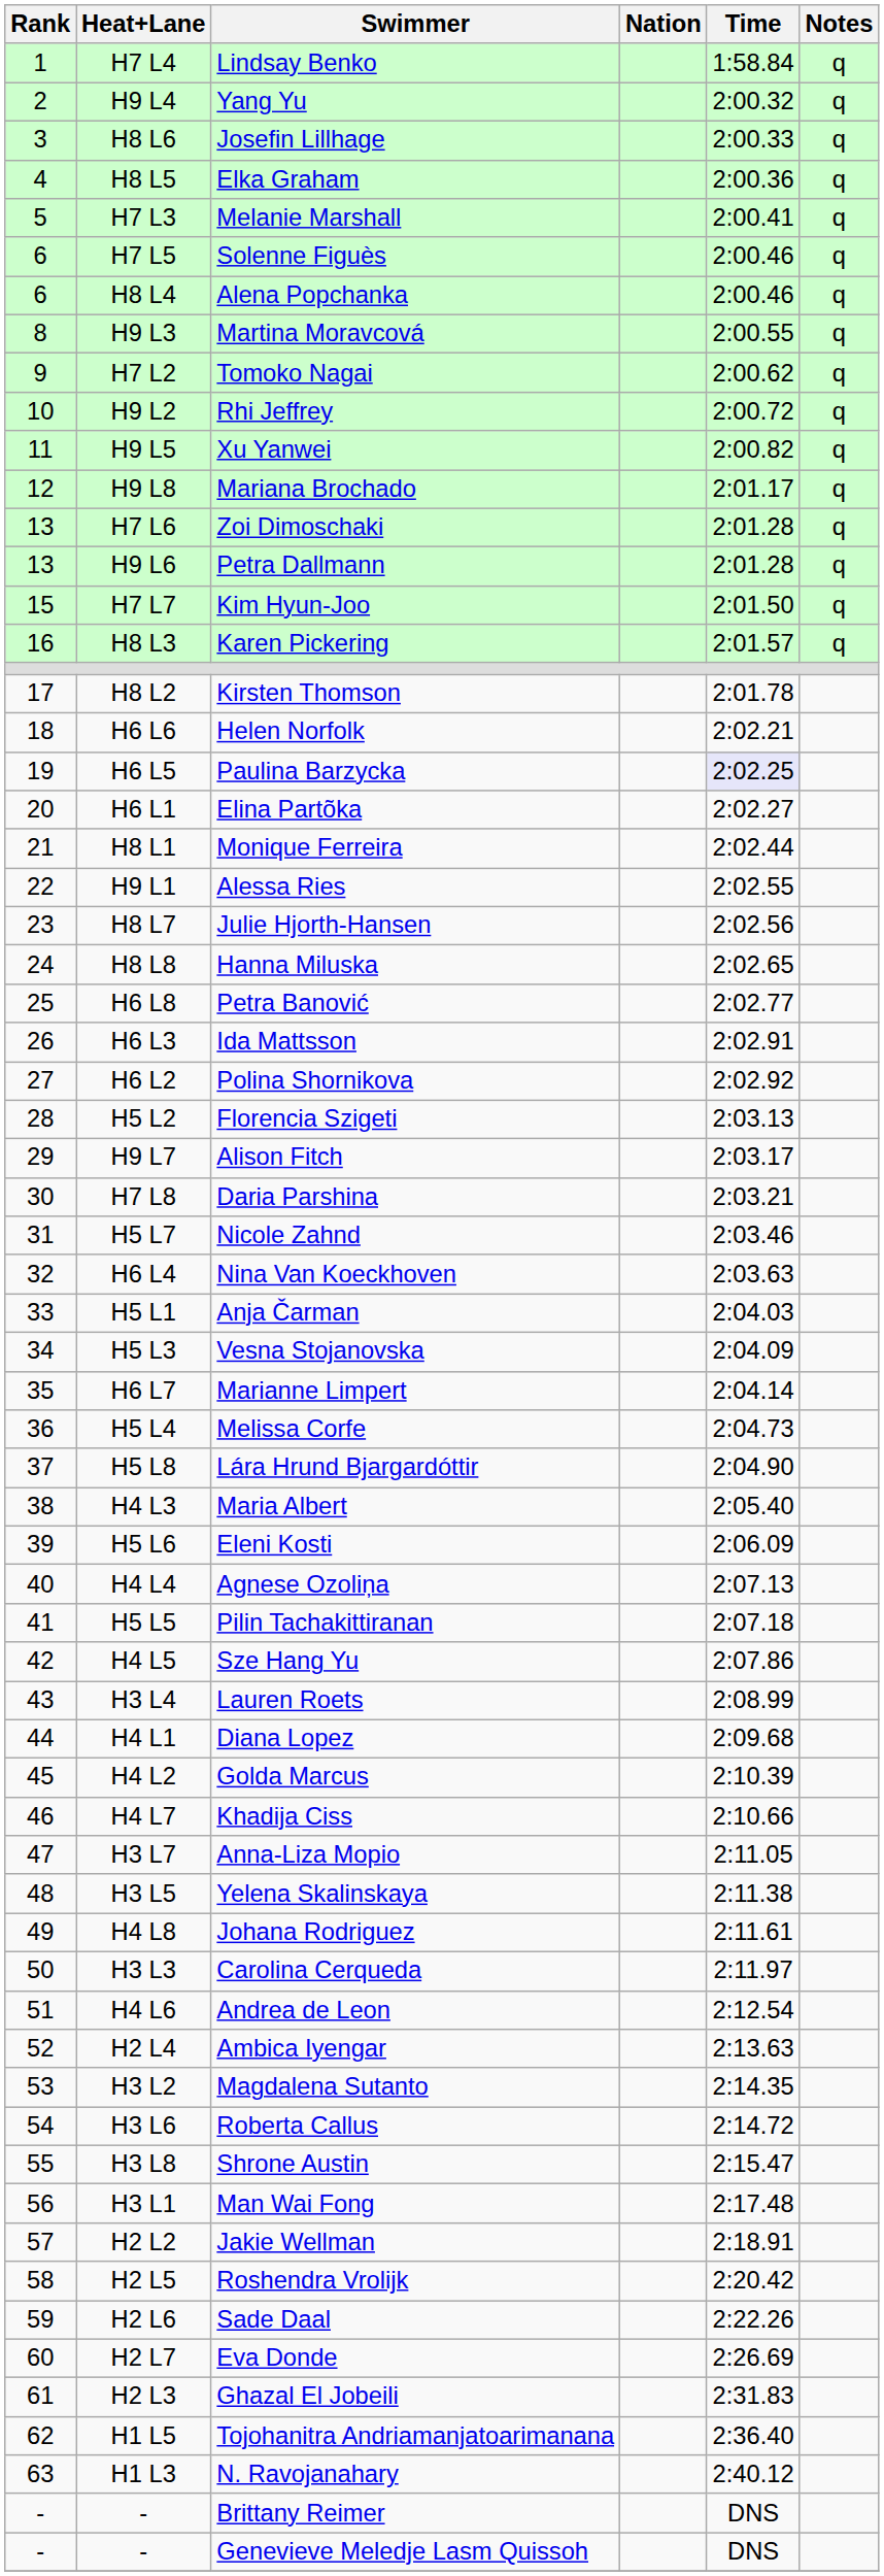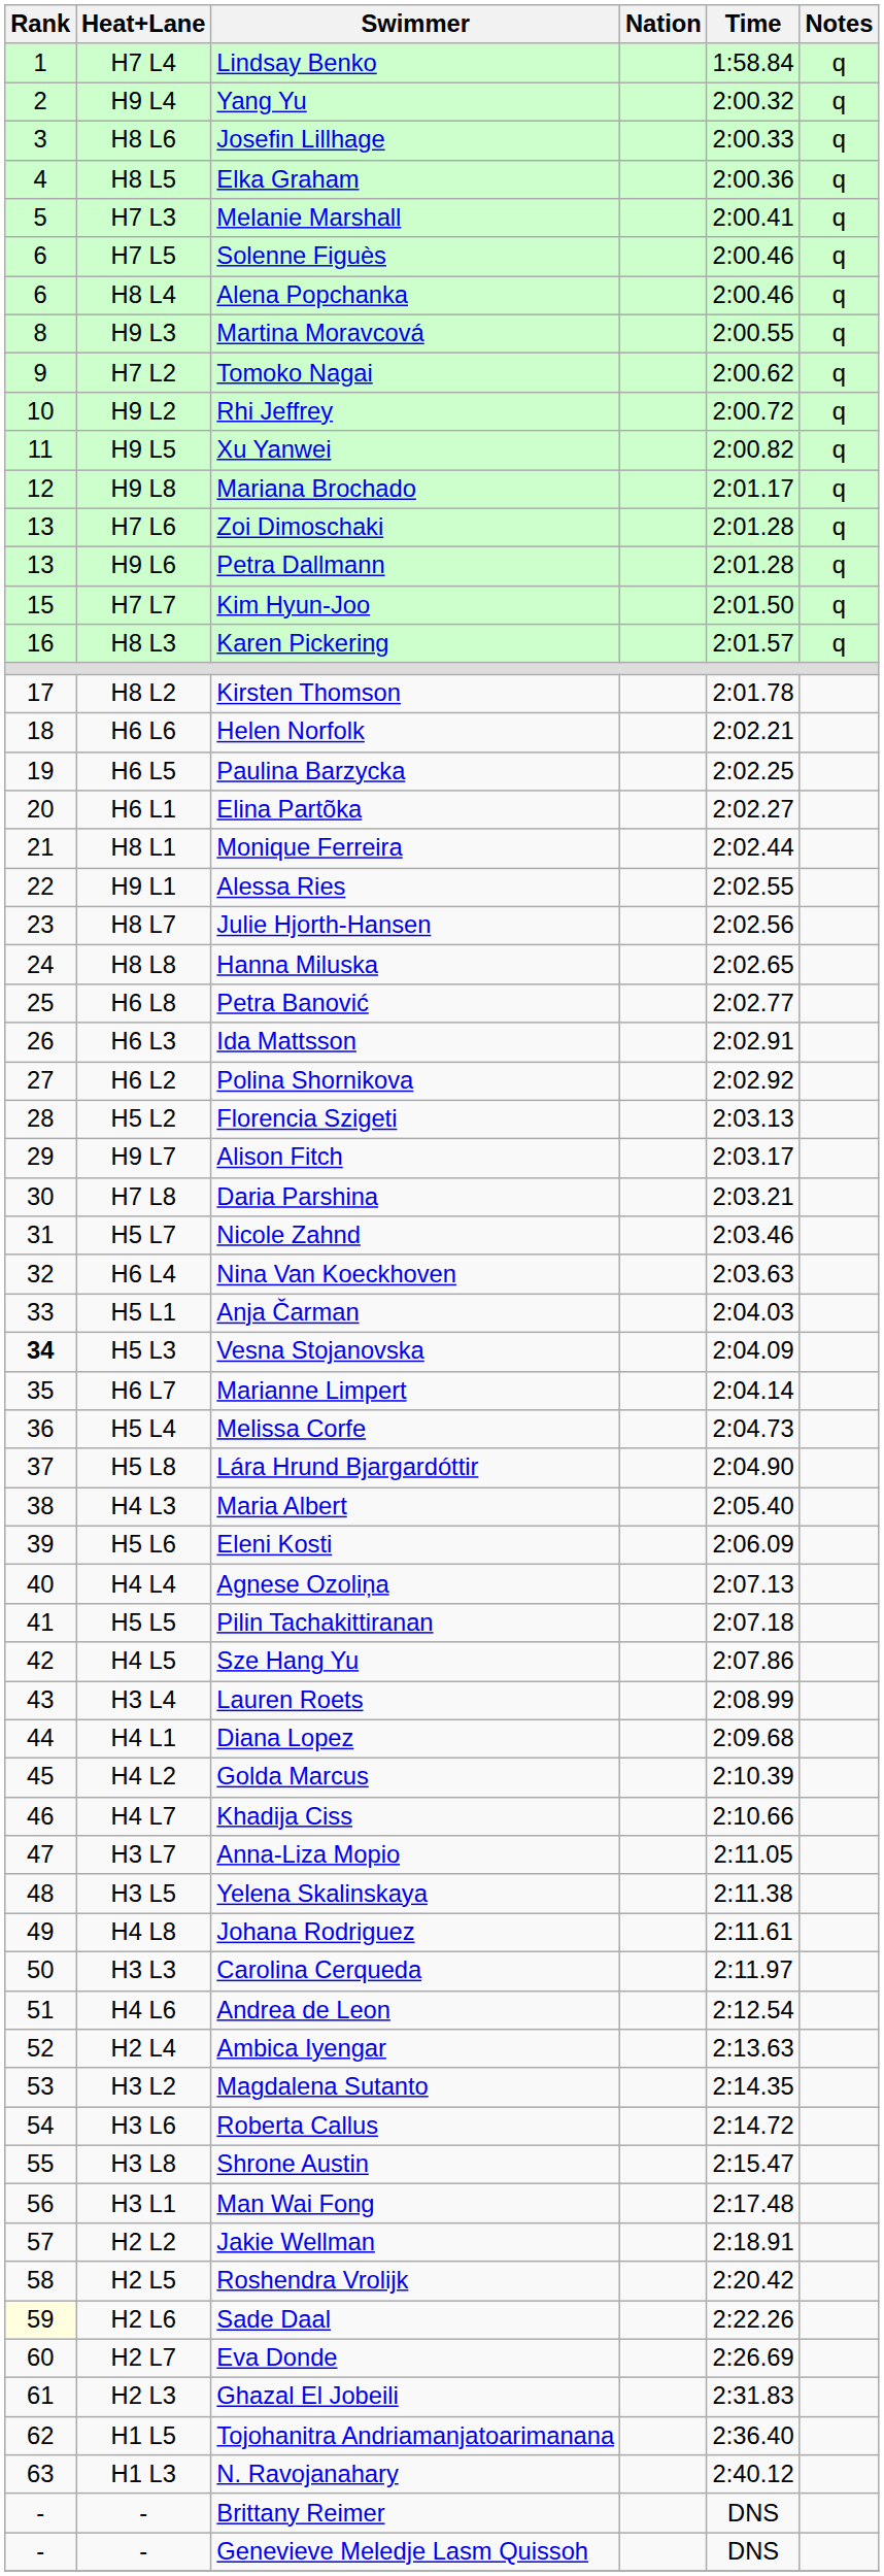 <table class="wikitable sortable" style="text-align:center">
 <tr>
 <th>Rank</th>
 <th>Heat+Lane</th>
 <th>Swimmer</th>
 <th>Nation</th>
 <th>Time</th>
 <th>Notes</th>
 </tr>
 <tr bgcolor=ccffcc>
 <td>1</td>
 <td>H7 L4</td>
 <td align=left><a href='#'>Lindsay Benko</a></td>
 <td align=left></td>
 <td>1:58.84</td>
 <td>q</td>
 </tr>
 <tr bgcolor=ccffcc>
 <td>2</td>
 <td>H9 L4</td>
 <td align=left><a href='#'>Yang Yu</a></td>
 <td align=left></td>
 <td>2:00.32</td>
 <td>q</td>
 </tr>
 <tr bgcolor=ccffcc>
 <td>3</td>
 <td>H8 L6</td>
 <td align=left><a href='#'>Josefin Lillhage</a></td>
 <td align=left></td>
 <td>2:00.33</td>
 <td>q</td>
 </tr>
 <tr bgcolor=ccffcc>
 <td>4</td>
 <td>H8 L5</td>
 <td align=left><a href='#'>Elka Graham</a></td>
 <td align=left></td>
 <td>2:00.36</td>
 <td>q</td>
 </tr>
 <tr bgcolor=ccffcc>
 <td>5</td>
 <td>H7 L3</td>
 <td align=left><a href='#'>Melanie Marshall</a></td>
 <td align=left></td>
 <td>2:00.41</td>
 <td>q</td>
 </tr>
 <tr bgcolor=ccffcc>
 <td>6</td>
 <td>H7 L5</td>
 <td align=left><a href='#'>Solenne Figuès</a></td>
 <td align=left></td>
 <td>2:00.46</td>
 <td>q</td>
 </tr>
 <tr bgcolor=ccffcc>
 <td>6</td>
 <td>H8 L4</td>
 <td align=left><a href='#'>Alena Popchanka</a></td>
 <td align=left></td>
 <td>2:00.46</td>
 <td>q</td>
 </tr>
 <tr bgcolor=ccffcc>
 <td>8</td>
 <td>H9 L3</td>
 <td align=left><a href='#'>Martina Moravcová</a></td>
 <td align=left></td>
 <td>2:00.55</td>
 <td>q</td>
 </tr>
 <tr bgcolor=ccffcc>
 <td>9</td>
 <td>H7 L2</td>
 <td align=left><a href='#'>Tomoko Nagai</a></td>
 <td align=left></td>
 <td>2:00.62</td>
 <td>q</td>
 </tr>
 <tr bgcolor=ccffcc>
 <td>10</td>
 <td>H9 L2</td>
 <td align=left><a href='#'>Rhi Jeffrey</a></td>
 <td align=left></td>
 <td>2:00.72</td>
 <td>q</td>
 </tr>
 <tr bgcolor=ccffcc>
 <td>11</td>
 <td>H9 L5</td>
 <td align=left><a href='#'>Xu Yanwei</a></td>
 <td align=left></td>
 <td>2:00.82</td>
 <td>q</td>
 </tr>
 <tr bgcolor=ccffcc>
 <td>12</td>
 <td>H9 L8</td>
 <td align=left><a href='#'>Mariana Brochado</a></td>
 <td align=left></td>
 <td>2:01.17</td>
 <td>q</td>
 </tr>
 <tr bgcolor=ccffcc>
 <td>13</td>
 <td>H7 L6</td>
 <td align=left><a href='#'>Zoi Dimoschaki</a></td>
 <td align=left></td>
 <td>2:01.28</td>
 <td>q</td>
 </tr>
 <tr bgcolor=ccffcc>
 <td>13</td>
 <td>H9 L6</td>
 <td align=left><a href='#'>Petra Dallmann</a></td>
 <td align=left></td>
 <td>2:01.28</td>
 <td>q</td>
 </tr>
 <tr bgcolor=ccffcc>
 <td>15</td>
 <td>H7 L7</td>
 <td align=left><a href='#'>Kim Hyun-Joo</a></td>
 <td align=left></td>
 <td>2:01.50</td>
 <td>q</td>
 </tr>
 <tr bgcolor=ccffcc>
 <td>16</td>
 <td>H8 L3</td>
 <td align=left><a href='#'>Karen Pickering</a></td>
 <td align=left></td>
 <td>2:01.57</td>
 <td>q</td>
 </tr>
 <tr bgcolor=#DDDDDD>
 <td colspan=6></td>
 </tr>
 <tr>
 <td>17</td>
 <td>H8 L2</td>
 <td align=left><a href='#'>Kirsten Thomson</a></td>
 <td align=left></td>
 <td>2:01.78</td>
 <td></td>
 </tr>
 <tr>
 <td>18</td>
 <td>H6 L6</td>
 <td align=left><a href='#'>Helen Norfolk</a></td>
 <td align=left></td>
 <td>2:02.21</td>
 <td></td>
 </tr>
 <tr>
 <td>19</td>
 <td>H6 L5</td>
 <td align=left><a href='#'>Paulina Barzycka</a></td>
 <td align=left></td>
-<td style="background: lavender;">2:02.25</td>
+<td>2:02.25</td>
 <td></td>
 </tr>
 <tr>
 <td>20</td>
 <td>H6 L1</td>
 <td align=left><a href='#'>Elina Partõka</a></td>
 <td align=left></td>
 <td>2:02.27</td>
 <td></td>
 </tr>
 <tr>
 <td>21</td>
 <td>H8 L1</td>
 <td align=left><a href='#'>Monique Ferreira</a></td>
 <td align=left></td>
 <td>2:02.44</td>
 <td></td>
 </tr>
 <tr>
 <td>22</td>
 <td>H9 L1</td>
 <td align=left><a href='#'>Alessa Ries</a></td>
 <td align=left></td>
 <td>2:02.55</td>
 <td></td>
 </tr>
 <tr>
 <td>23</td>
 <td>H8 L7</td>
 <td align=left><a href='#'>Julie Hjorth-Hansen</a></td>
 <td align=left></td>
 <td>2:02.56</td>
 <td></td>
 </tr>
 <tr>
 <td>24</td>
 <td>H8 L8</td>
 <td align=left><a href='#'>Hanna Miluska</a></td>
 <td align=left></td>
 <td>2:02.65</td>
 <td></td>
 </tr>
 <tr>
 <td>25</td>
 <td>H6 L8</td>
 <td align=left><a href='#'>Petra Banović</a></td>
 <td align=left></td>
 <td>2:02.77</td>
 <td></td>
 </tr>
 <tr>
 <td>26</td>
 <td>H6 L3</td>
 <td align=left><a href='#'>Ida Mattsson</a></td>
 <td align=left></td>
 <td>2:02.91</td>
 <td></td>
 </tr>
 <tr>
 <td>27</td>
 <td>H6 L2</td>
 <td align=left><a href='#'>Polina Shornikova</a></td>
 <td align=left></td>
 <td>2:02.92</td>
 <td></td>
 </tr>
 <tr>
 <td>28</td>
 <td>H5 L2</td>
 <td align=left><a href='#'>Florencia Szigeti</a></td>
 <td align=left></td>
 <td>2:03.13</td>
 <td></td>
 </tr>
 <tr>
 <td>29</td>
 <td>H9 L7</td>
 <td align=left><a href='#'>Alison Fitch</a></td>
 <td align=left></td>
 <td>2:03.17</td>
 <td></td>
 </tr>
 <tr>
 <td>30</td>
 <td>H7 L8</td>
 <td align=left><a href='#'>Daria Parshina</a></td>
 <td align=left></td>
 <td>2:03.21</td>
 <td></td>
 </tr>
 <tr>
 <td>31</td>
 <td>H5 L7</td>
 <td align=left><a href='#'>Nicole Zahnd</a></td>
 <td align=left></td>
 <td>2:03.46</td>
 <td></td>
 </tr>
 <tr>
 <td>32</td>
 <td>H6 L4</td>
 <td align=left><a href='#'>Nina Van Koeckhoven</a></td>
 <td align=left></td>
 <td>2:03.63</td>
 <td></td>
 </tr>
 <tr>
 <td>33</td>
 <td>H5 L1</td>
 <td align=left><a href='#'>Anja Čarman</a></td>
 <td align=left></td>
 <td>2:04.03</td>
 <td></td>
 </tr>
 <tr>
-<td>34</td>
+<td><strong>34</strong></td>
 <td>H5 L3</td>
 <td align=left><a href='#'>Vesna Stojanovska</a></td>
 <td align=left></td>
 <td>2:04.09</td>
 <td></td>
 </tr>
 <tr>
 <td>35</td>
 <td>H6 L7</td>
 <td align=left><a href='#'>Marianne Limpert</a></td>
 <td align=left></td>
 <td>2:04.14</td>
 <td></td>
 </tr>
 <tr>
 <td>36</td>
 <td>H5 L4</td>
 <td align=left><a href='#'>Melissa Corfe</a></td>
 <td align=left></td>
 <td>2:04.73</td>
 <td></td>
 </tr>
 <tr>
 <td>37</td>
 <td>H5 L8</td>
 <td align=left><a href='#'>Lára Hrund Bjargardóttir</a></td>
 <td align=left></td>
 <td>2:04.90</td>
 <td></td>
 </tr>
 <tr>
 <td>38</td>
 <td>H4 L3</td>
 <td align=left><a href='#'>Maria Albert</a></td>
 <td align=left></td>
 <td>2:05.40</td>
 <td></td>
 </tr>
 <tr>
 <td>39</td>
 <td>H5 L6</td>
 <td align=left><a href='#'>Eleni Kosti</a></td>
 <td align=left></td>
 <td>2:06.09</td>
 <td></td>
 </tr>
 <tr>
 <td>40</td>
 <td>H4 L4</td>
 <td align=left><a href='#'>Agnese Ozoliņa</a></td>
 <td align=left></td>
 <td>2:07.13</td>
 <td></td>
 </tr>
 <tr>
 <td>41</td>
 <td>H5 L5</td>
 <td align=left><a href='#'>Pilin Tachakittiranan</a></td>
 <td align=left></td>
 <td>2:07.18</td>
 <td></td>
 </tr>
 <tr>
 <td>42</td>
 <td>H4 L5</td>
 <td align=left><a href='#'>Sze Hang Yu</a></td>
 <td align=left></td>
 <td>2:07.86</td>
 <td></td>
 </tr>
 <tr>
 <td>43</td>
 <td>H3 L4</td>
 <td align=left><a href='#'>Lauren Roets</a></td>
 <td align=left></td>
 <td>2:08.99</td>
 <td></td>
 </tr>
 <tr>
 <td>44</td>
 <td>H4 L1</td>
 <td align=left><a href='#'>Diana Lopez</a></td>
 <td align=left></td>
 <td>2:09.68</td>
 <td></td>
 </tr>
 <tr>
 <td>45</td>
 <td>H4 L2</td>
 <td align=left><a href='#'>Golda Marcus</a></td>
 <td align=left></td>
 <td>2:10.39</td>
 <td></td>
 </tr>
 <tr>
 <td>46</td>
 <td>H4 L7</td>
 <td align=left><a href='#'>Khadija Ciss</a></td>
 <td align=left></td>
 <td>2:10.66</td>
 <td></td>
 </tr>
 <tr>
 <td>47</td>
 <td>H3 L7</td>
 <td align=left><a href='#'>Anna-Liza Mopio</a></td>
 <td align=left></td>
 <td>2:11.05</td>
 <td></td>
 </tr>
 <tr>
 <td>48</td>
 <td>H3 L5</td>
 <td align=left><a href='#'>Yelena Skalinskaya</a></td>
 <td align=left></td>
 <td>2:11.38</td>
 <td></td>
 </tr>
 <tr>
 <td>49</td>
 <td>H4 L8</td>
 <td align=left><a href='#'>Johana Rodriguez</a></td>
 <td align=left></td>
 <td>2:11.61</td>
 <td></td>
 </tr>
 <tr>
 <td>50</td>
 <td>H3 L3</td>
 <td align=left><a href='#'>Carolina Cerqueda</a></td>
 <td align=left></td>
 <td>2:11.97</td>
 <td></td>
 </tr>
 <tr>
 <td>51</td>
 <td>H4 L6</td>
 <td align=left><a href='#'>Andrea de Leon</a></td>
 <td align=left></td>
 <td>2:12.54</td>
 <td></td>
 </tr>
 <tr>
 <td>52</td>
 <td>H2 L4</td>
 <td align=left><a href='#'>Ambica Iyengar</a></td>
 <td align=left></td>
 <td>2:13.63</td>
 <td></td>
 </tr>
 <tr>
 <td>53</td>
 <td>H3 L2</td>
 <td align=left><a href='#'>Magdalena Sutanto</a></td>
 <td align=left></td>
 <td>2:14.35</td>
 <td></td>
 </tr>
 <tr>
 <td>54</td>
 <td>H3 L6</td>
 <td align=left><a href='#'>Roberta Callus</a></td>
 <td align=left></td>
 <td>2:14.72</td>
 <td></td>
 </tr>
 <tr>
 <td>55</td>
 <td>H3 L8</td>
 <td align=left><a href='#'>Shrone Austin</a></td>
 <td align=left></td>
 <td>2:15.47</td>
 <td></td>
 </tr>
 <tr>
 <td>56</td>
 <td>H3 L1</td>
 <td align=left><a href='#'>Man Wai Fong</a></td>
 <td align=left></td>
 <td>2:17.48</td>
 <td></td>
 </tr>
 <tr>
 <td>57</td>
 <td>H2 L2</td>
 <td align=left><a href='#'>Jakie Wellman</a></td>
 <td align=left></td>
 <td>2:18.91</td>
 <td></td>
 </tr>
 <tr>
 <td>58</td>
 <td>H2 L5</td>
 <td align=left><a href='#'>Roshendra Vrolijk</a></td>
 <td align=left></td>
 <td>2:20.42</td>
 <td></td>
 </tr>
 <tr>
-<td>59</td>
+<td style="background: lightyellow;">59</td>
 <td>H2 L6</td>
 <td align=left><a href='#'>Sade Daal</a></td>
 <td align=left></td>
 <td>2:22.26</td>
 <td></td>
 </tr>
 <tr>
 <td>60</td>
 <td>H2 L7</td>
 <td align=left><a href='#'>Eva Donde</a></td>
 <td align=left></td>
 <td>2:26.69</td>
 <td></td>
 </tr>
 <tr>
 <td>61</td>
 <td>H2 L3</td>
 <td align=left><a href='#'>Ghazal El Jobeili</a></td>
 <td align=left></td>
 <td>2:31.83</td>
 <td></td>
 </tr>
 <tr>
 <td>62</td>
 <td>H1 L5</td>
 <td align=left><a href='#'>Tojohanitra Andriamanjatoarimanana</a></td>
 <td align=left></td>
 <td>2:36.40</td>
 <td></td>
 </tr>
 <tr>
 <td>63</td>
 <td>H1 L3</td>
 <td align=left><a href='#'>N. Ravojanahary</a></td>
 <td align=left></td>
 <td>2:40.12</td>
 <td></td>
 </tr>
 <tr>
 <td>-</td>
 <td>-</td>
 <td align=left><a href='#'>Brittany Reimer</a></td>
 <td align=left></td>
 <td>DNS</td>
 <td></td>
 </tr>
 <tr>
 <td>-</td>
 <td>-</td>
 <td align=left><a href='#'>Genevieve Meledje Lasm Quissoh</a></td>
 <td align=left></td>
 <td>DNS</td>
 <td></td>
 </tr>
 <tr>
 </tr>
 </table>
